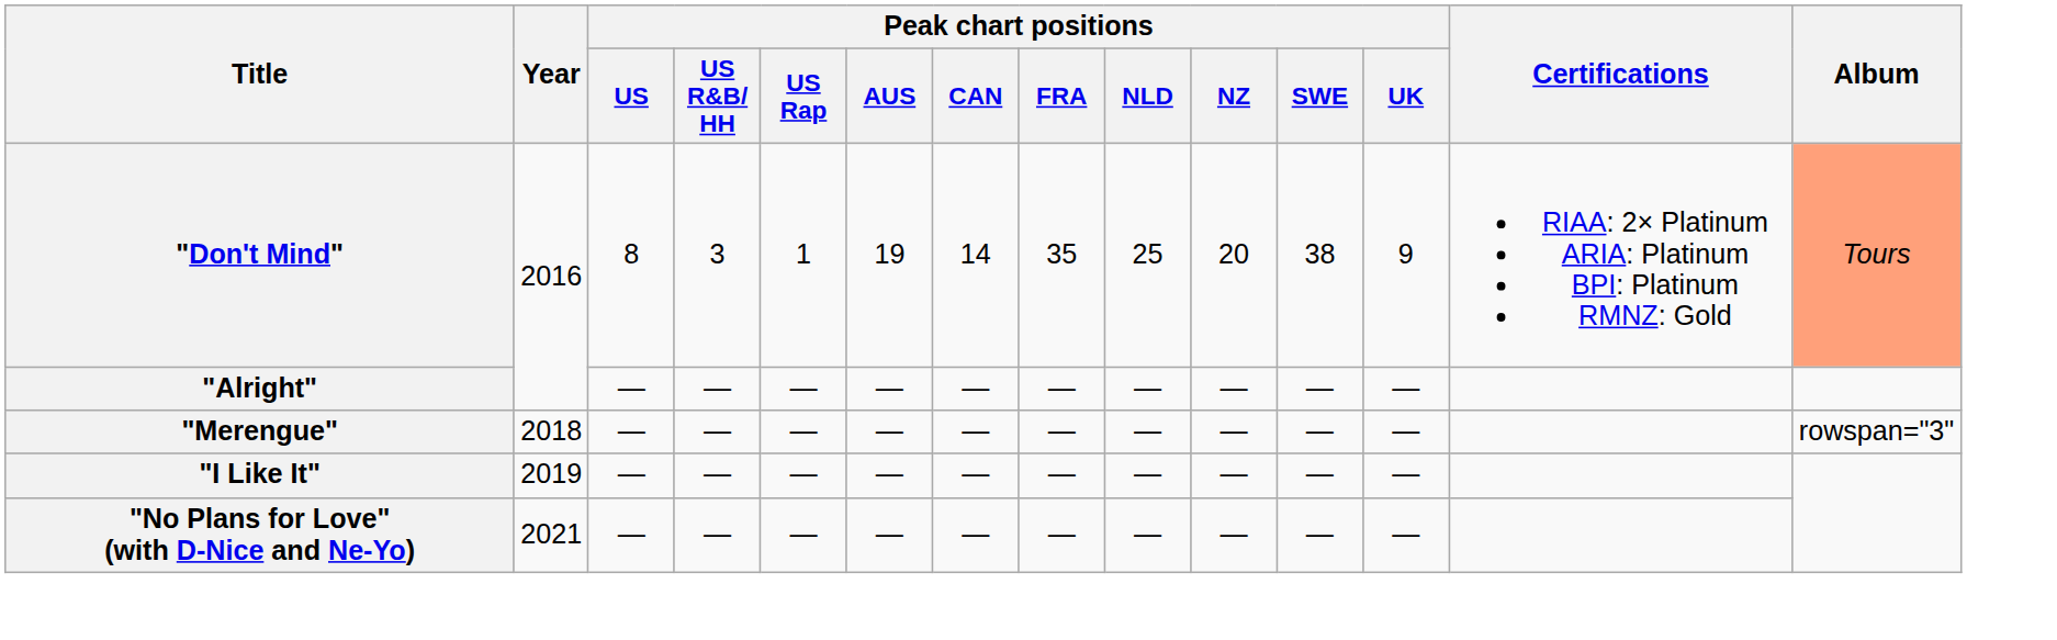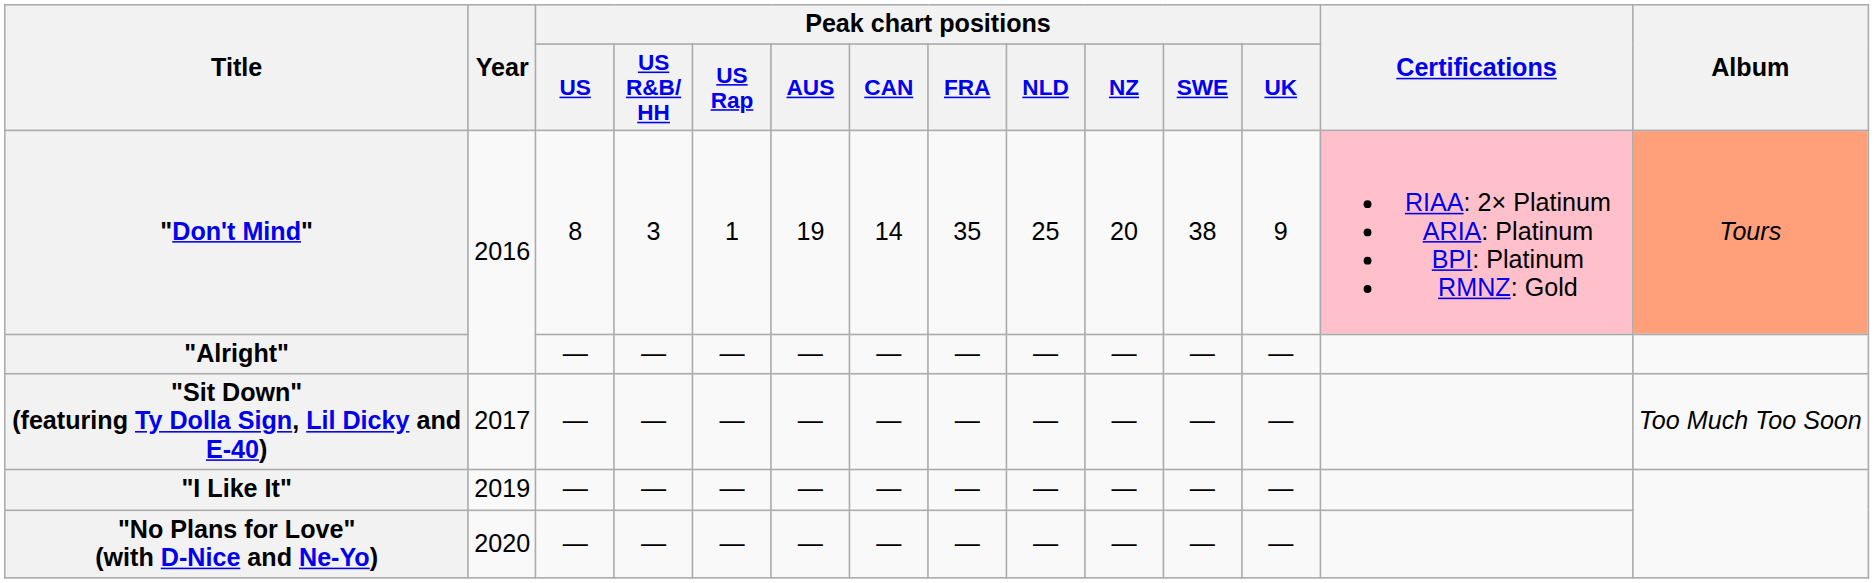 <table class="wikitable plainrowheaders" style="text-align:center;">
 <tr>
 <th scope="col" rowspan="2" style="width:18em;">Title</th>
 <th scope="col" rowspan="2">Year</th>
 <th scope="col" colspan="10">Peak chart positions</th>
 <th scope="col" rowspan="2" style="width:12em;"><a href='#'>Certifications</a></th>
 <th scope="col" rowspan="2">Album</th>
 </tr>
 <tr>
 <th scope="col" style="width:3em;font-size:90%;"><a href='#'>US</a><br></th>
 <th scope="col" style="width:3em;font-size:90%;"><a href='#'>US R&B/<br>HH</a><br></th>
 <th scope="col" style="width:3em;font-size:90%;"><a href='#'>US Rap</a><br></th>
 <th scope="col" style="width:3em;font-size:90%;"><a href='#'>AUS</a><br></th>
 <th scope="col" style="width:3em;font-size:90%;"><a href='#'>CAN</a><br></th>
 <th scope="col" style="width:3em;font-size:90%;"><a href='#'>FRA</a><br></th>
 <th scope="col" style="width:3em;font-size:90%;"><a href='#'>NLD</a><br></th>
 <th scope="col" style="width:3em;font-size:90%;"><a href='#'>NZ</a><br></th>
 <th scope="col" style="width:3em;font-size:90%;"><a href='#'>SWE</a><br></th>
 <th scope="col" style="width:3em;font-size:90%;"><a href='#'>UK</a><br></th>
 </tr>
 <tr>
 <th scope="row">"<a href='#'>Don't Mind</a>"</th>
 <td rowspan="2">2016</td>
 <td>8</td>
 <td>3</td>
 <td>1</td>
 <td>19</td>
 <td>14</td>
 <td>35</td>
 <td>25</td>
 <td>20</td>
 <td>38</td>
 <td>9</td>
-<td><br><ul><li><a href='#'>RIAA</a>: 2× Platinum</li><li><a href='#'>ARIA</a>: Platinum</li><li><a href='#'>BPI</a>: Platinum</li><li><a href='#'>RMNZ</a>: Gold</li></ul></td>
+<td style="background: pink;"><br><ul><li><a href='#'>RIAA</a>: 2× Platinum</li><li><a href='#'>ARIA</a>: Platinum</li><li><a href='#'>BPI</a>: Platinum</li><li><a href='#'>RMNZ</a>: Gold</li></ul></td>
 <td style="background: lightsalmon;"><em>Tours</em></td>
 </tr>
 <tr>
 <th scope="row">"Alright"</th>
 <td>—</td>
 <td>—</td>
 <td>—</td>
 <td>—</td>
 <td>—</td>
 <td>—</td>
 <td>—</td>
 <td>—</td>
 <td>—</td>
 <td>—</td>
 <td></td>
 <td></td>
 </tr>
 <tr>
-<th scope="row">"Merengue"</th>
-<td>2018</td>
+<th scope="row">"Sit Down"<br><span>(featuring <a href='#'>Ty Dolla Sign</a>, <a href='#'>Lil Dicky</a> and <a href='#'>E-40</a>)</span></th>
+<td>2017</td>
 <td>—</td>
 <td>—</td>
 <td>—</td>
 <td>—</td>
 <td>—</td>
 <td>—</td>
 <td>—</td>
 <td>—</td>
 <td>—</td>
 <td>—</td>
 <td></td>
-<td>rowspan="3" </td>
+<td><em>Too Much Too Soon</em></td>
 </tr>
 <tr>
 <th scope="row">"I Like It"</th>
 <td>2019</td>
 <td>—</td>
 <td>—</td>
 <td>—</td>
 <td>—</td>
 <td>—</td>
 <td>—</td>
 <td>—</td>
 <td>—</td>
 <td>—</td>
 <td>—</td>
 <td></td>
 </tr>
 <tr>
 <th scope="row">"No Plans for Love"<br><span>(with <a href='#'>D-Nice</a> and <a href='#'>Ne-Yo</a>)</span></th>
-<td>2021</td>
+<td>2020</td>
 <td>—</td>
 <td>—</td>
 <td>—</td>
 <td>—</td>
 <td>—</td>
 <td>—</td>
 <td>—</td>
 <td>—</td>
 <td>—</td>
 <td>—</td>
 <td></td>
 </tr>
 </table>
